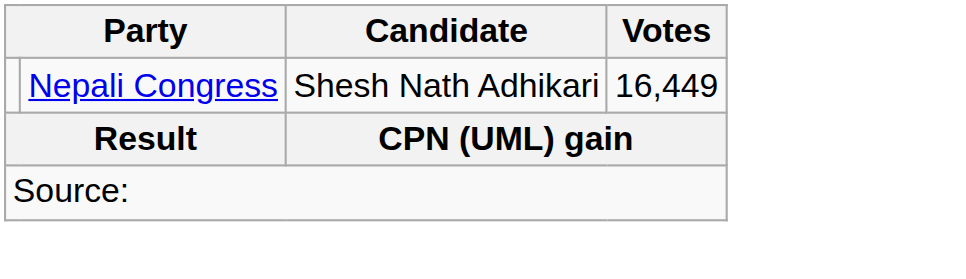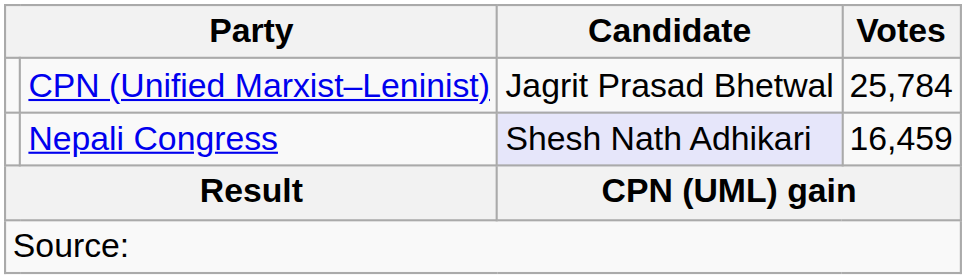 <table class="wikitable">
 <tr>
 <th colspan="2">Party</th>
 <th>Candidate</th>
 <th>Votes</th>
 </tr>
 <tr>
 <td style="background-color:"></td>
+<td><a href='#'>CPN (Unified Marxist–Leninist)</a></td>
+<td>Jagrit Prasad Bhetwal</td>
+<td>25,784</td>
+</tr>
+<tr>
+<td style="background-color:"></td>
 <td><a href='#'>Nepali Congress</a></td>
-<td>Shesh Nath Adhikari</td>
-<td>16,449</td>
+<td style="background: lavender;">Shesh Nath Adhikari</td>
+<td>16,459</td>
 </tr>
 <tr>
 <th colspan="2">Result</th>
 <th colspan="2">CPN (UML) gain</th>
 </tr>
 <tr>
 <td colspan="4">Source: </td>
 </tr>
 </table>
